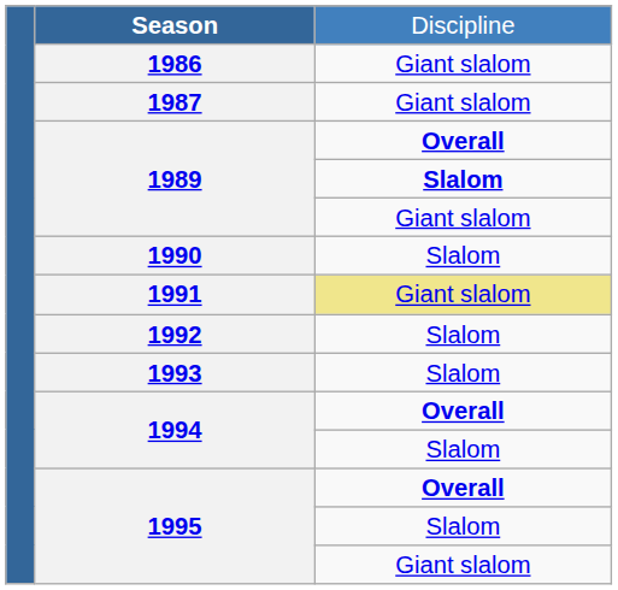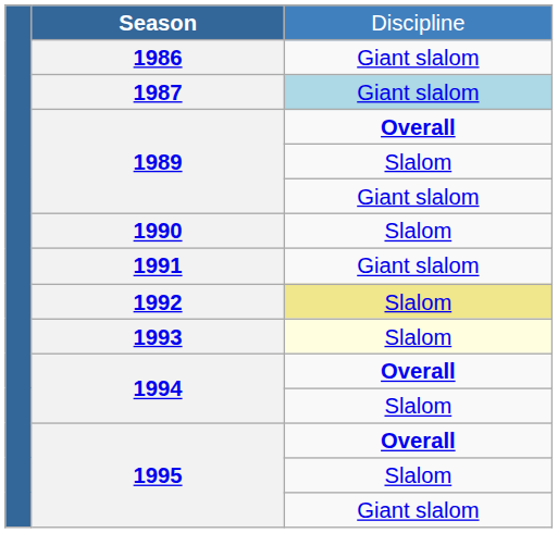 <table class="wikitable"  style="font-size:95%; text-align:center; border:gray solid 1px; width:30%;">
 <tr style="background:#369; color:white;">
 <td rowspan="16" style="width:1%;"></td>
 <td rowspan="2" style="width:10%;"><strong>Season</strong></td>
 </tr>
 <tr style="background:#4180be; color:white;">
 <td style="width:10%;">Discipline</td>
 </tr>
 <tr>
 <th><strong><a href='#'>1986</a></strong></th>
 <td><a href='#'>Giant slalom</a></td>
 </tr>
 <tr>
 <th><strong><a href='#'>1987</a></strong></th>
-<td><a href='#'>Giant slalom</a></td>
+<td style="background: lightblue;"><a href='#'>Giant slalom</a></td>
 </tr>
 <tr>
 <th rowspan=3><strong><a href='#'>1989</a></strong></th>
 <td><strong><a href='#'>Overall</a></strong></td>
 </tr>
 <tr>
-<td><strong><a href='#'>Slalom</a></strong></td>
+<td><a href='#'>Slalom</a></td>
 </tr>
 <tr>
 <td><a href='#'>Giant slalom</a></td>
 </tr>
 <tr>
 <th><strong><a href='#'>1990</a></strong></th>
 <td><a href='#'>Slalom</a></td>
 </tr>
 <tr>
 <th><strong><a href='#'>1991</a></strong></th>
-<td style="background: khaki;"><a href='#'>Giant slalom</a></td>
+<td><a href='#'>Giant slalom</a></td>
 </tr>
 <tr>
 <th><strong><a href='#'>1992</a></strong></th>
-<td><a href='#'>Slalom</a></td>
+<td style="background: khaki;"><a href='#'>Slalom</a></td>
 </tr>
 <tr>
 <th><strong><a href='#'>1993</a></strong></th>
-<td><a href='#'>Slalom</a></td>
+<td style="background: lightyellow;"><a href='#'>Slalom</a></td>
 </tr>
 <tr>
 <th rowspan=2><strong><a href='#'>1994</a></strong></th>
 <td><strong><a href='#'>Overall</a></strong></td>
 </tr>
 <tr>
 <td><a href='#'>Slalom</a></td>
 </tr>
 <tr>
 <th rowspan=3><strong><a href='#'>1995</a></strong></th>
 <td><strong><a href='#'>Overall</a></strong></td>
 </tr>
 <tr>
 <td><a href='#'>Slalom</a></td>
 </tr>
 <tr>
 <td><a href='#'>Giant slalom</a></td>
 </tr>
 </table>
